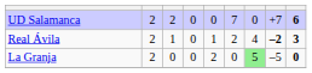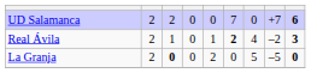 <table class="wikitable" style="text-align: center;">
 <tr>
 <th width="175"></th>
 <th width="20"></th>
 <th width="20"></th>
 <th width="20"></th>
 <th width="20"></th>
 <th width="20"></th>
 <th width="20"></th>
 <th width="20"></th>
 <th width="20"></th>
 </tr>
 <tr bgcolor=#ccccff>
 <td align=left><a href='#'>UD Salamanca</a></td>
 <td>2</td>
 <td>2</td>
 <td>0</td>
 <td>0</td>
 <td>7</td>
 <td>0</td>
 <td>+7</td>
 <td><strong>6</strong></td>
 </tr>
 <tr>
 <td align=left><a href='#'>Real Ávila</a></td>
 <td>2</td>
 <td>1</td>
 <td>0</td>
 <td>1</td>
-<td>2</td>
+<td><strong>2</strong></td>
 <td>4</td>
-<td><strong>–2</strong></td>
+<td>–2</td>
 <td><strong>3</strong></td>
 </tr>
 <tr>
 <td align=left><a href='#'>La Granja</a></td>
 <td>2</td>
-<td>0</td>
+<td><strong>0</strong></td>
 <td>0</td>
 <td>2</td>
 <td>0</td>
-<td style="background: lightgreen;">5</td>
+<td>5</td>
 <td>–5</td>
 <td><strong>0</strong></td>
 </tr>
 <tr>
 </tr>
 </table>
